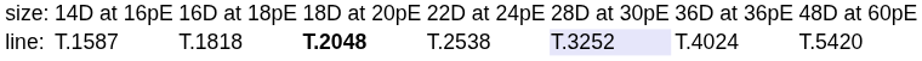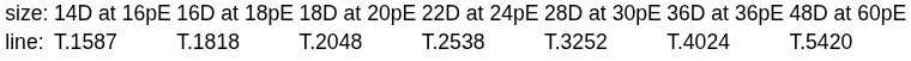 <table style="margin-left:40px;">
 <tr>
 <td>size:</td>
 <td>14D at 16pE</td>
 <td>16D at 18pE</td>
 <td>18D at 20pE</td>
 <td>22D at 24pE</td>
 <td>28D at 30pE</td>
 <td>36D at 36pE</td>
 <td>48D at 60pE</td>
 </tr>
 <tr>
 <td>line:</td>
 <td>T.1587</td>
 <td>T.1818</td>
-<td><strong>T.2048</strong></td>
+<td>T.2048</td>
 <td>T.2538</td>
-<td style="background: lavender;">T.3252</td>
+<td>T.3252</td>
 <td>T.4024</td>
 <td>T.5420</td>
 </tr>
 </table>
